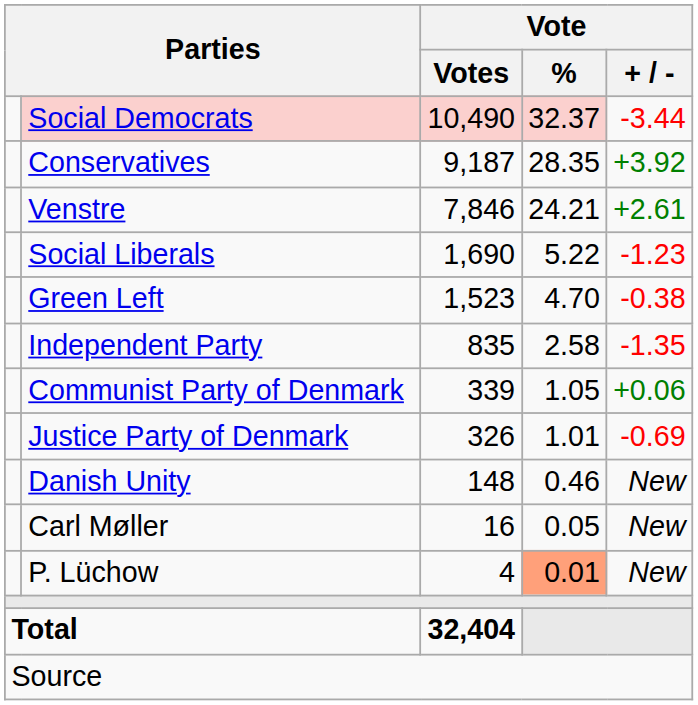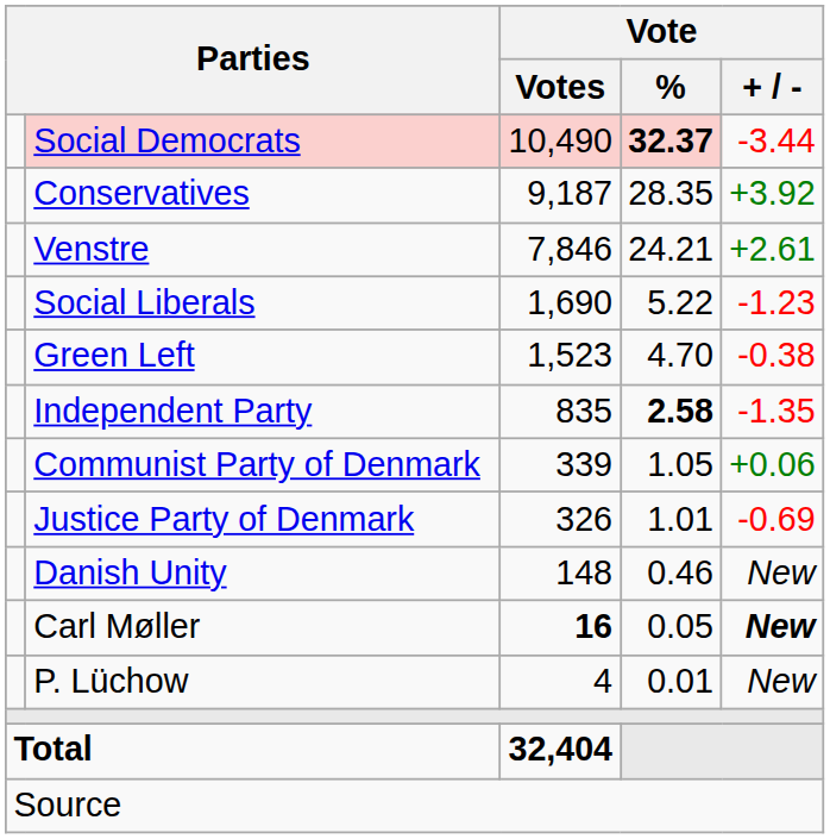 <table class="wikitable" style="text-align:right;">
 <tr>
 <th style="text-align:centre;" rowspan="2" colspan="2" width="225">Parties</th>
 <th colspan="3">Vote</th>
 </tr>
 <tr>
 <th width="15">Votes</th>
 <th width="15">%</th>
 <th width="15">+ / -</th>
 </tr>
 <tr>
 <td width="2" style="color:inherit;background:"></td>
 <td bgcolor=#fbd0ce  align="left"><a href='#'>Social Democrats</a></td>
 <td bgcolor=#fbd0ce>10,490</td>
-<td bgcolor=#fbd0ce>32.37</td>
+<td bgcolor=#fbd0ce><strong>32.37</strong></td>
 <td style=color:red;>-3.44</td>
 </tr>
 <tr>
 <td width="2" style="color:inherit;background:"></td>
 <td align="left"><a href='#'>Conservatives</a></td>
 <td>9,187</td>
 <td>28.35</td>
 <td style=color:green;>+3.92</td>
 </tr>
 <tr>
 <td width="2" style="color:inherit;background:"></td>
 <td align="left"><a href='#'>Venstre</a></td>
 <td>7,846</td>
 <td>24.21</td>
 <td style=color:green;>+2.61</td>
 </tr>
 <tr>
 <td width="2" style="color:inherit;background:"></td>
 <td align="left"><a href='#'>Social Liberals</a></td>
 <td>1,690</td>
 <td>5.22</td>
 <td style=color:red;>-1.23</td>
 </tr>
 <tr>
 <td width="2" style="color:inherit;background:"></td>
 <td align="left"><a href='#'>Green Left</a></td>
 <td>1,523</td>
 <td>4.70</td>
 <td style=color:red;>-0.38</td>
 </tr>
 <tr>
 <td width="2" style="color:inherit;background:"></td>
 <td align="left"><a href='#'>Independent Party</a></td>
 <td>835</td>
-<td>2.58</td>
+<td><strong>2.58</strong></td>
 <td style=color:red;>-1.35</td>
 </tr>
 <tr>
 <td width="2" style="color:inherit;background:"></td>
 <td align="left"><a href='#'>Communist Party of Denmark</a></td>
 <td>339</td>
 <td>1.05</td>
 <td style=color:green;>+0.06</td>
 </tr>
 <tr>
 <td width="2" style="color:inherit;background:"></td>
 <td align="left"><a href='#'>Justice Party of Denmark</a></td>
 <td>326</td>
 <td>1.01</td>
 <td style=color:red;>-0.69</td>
 </tr>
 <tr>
 <td width="2" style="color:inherit;background:"></td>
 <td align="left"><a href='#'>Danish Unity</a></td>
 <td>148</td>
 <td>0.46</td>
 <td><em>New</em></td>
 </tr>
 <tr>
 <td width="2" style="color:inherit;background:"></td>
 <td align="left">Carl Møller</td>
-<td>16</td>
+<td><strong>16</strong></td>
 <td>0.05</td>
-<td><em>New</em></td>
+<td><strong><em>New</em></strong></td>
 </tr>
 <tr>
 <td width="2" style="color:inherit;background:"></td>
 <td align="left">P. Lüchow</td>
 <td>4</td>
-<td style="background: lightsalmon;">0.01</td>
+<td>0.01</td>
 <td><em>New</em></td>
 </tr>
 <tr>
 <td colspan="7" bgcolor="#E9E9E9"></td>
 </tr>
 <tr>
 <td align="left" colspan="2"><strong>Total</strong></td>
 <td><strong>32,404</strong></td>
 <td bgcolor="#E9E9E9" colspan="2"></td>
 </tr>
 <tr>
 <td align="left" colspan="6">Source</td>
 </tr>
 </table>
